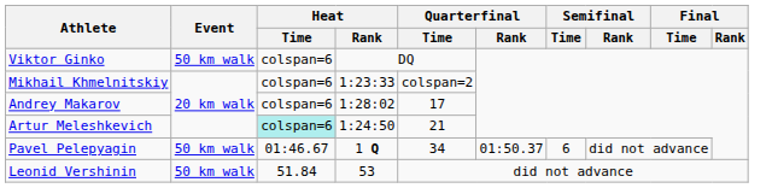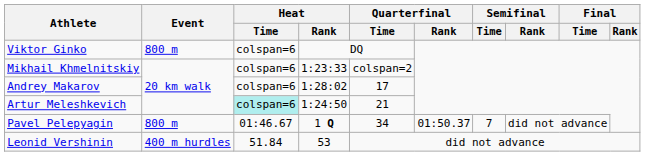 <table class=wikitable style="font-size:90%; text-align:center">
 <tr>
 <th rowspan=2>Athlete</th>
 <th rowspan=2>Event</th>
 <th colspan=2>Heat</th>
 <th colspan=2>Quarterfinal</th>
 <th colspan=2>Semifinal</th>
 <th colspan=2>Final</th>
 </tr>
 <tr style=font-size:95%>
 <th>Time</th>
 <th>Rank</th>
 <th>Time</th>
 <th>Rank</th>
 <th>Time</th>
 <th>Rank</th>
 <th>Time</th>
 <th>Rank</th>
 </tr>
 <tr>
 <td align=left><a href='#'>Viktor Ginko</a></td>
-<td align=left><a href='#'>50 km walk</a></td>
+<td align=left rowspan=1><a href='#'>800 m</a></td>
 <td>colspan=6 </td>
 <td colspan=2>DQ</td>
 </tr>
 <tr>
 <td align=left><a href='#'>Mikhail Khmelnitskiy</a></td>
 <td align=left rowspan=3><a href='#'>20 km walk</a></td>
 <td>colspan=6 </td>
 <td>1:23:33</td>
 <td>colspan=2</td>
 </tr>
 <tr>
 <td align=left><a href='#'>Andrey Makarov</a></td>
 <td>colspan=6 </td>
 <td>1:28:02</td>
 <td>17</td>
 </tr>
 <tr>
 <td align=left><a href='#'>Artur Meleshkevich</a></td>
 <td style="background: paleturquoise;">colspan=6 </td>
 <td>1:24:50</td>
 <td>21</td>
 </tr>
 <tr>
 <td align=left><a href='#'>Pavel Pelepyagin</a></td>
-<td align=left><a href='#'>50 km walk</a></td>
+<td align=left rowspan=1><a href='#'>800 m</a></td>
 <td>01:46.67</td>
 <td>1 <strong>Q</strong></td>
 <td>34</td>
 <td>01:50.37</td>
-<td>6</td>
+<td>7</td>
 <td colspan=2>did not advance</td>
 </tr>
 <tr>
 <td align=left><a href='#'>Leonid Vershinin</a></td>
-<td align=left><a href='#'>50 km walk</a></td>
+<td align=left rowspan=1><a href='#'>400 m hurdles</a></td>
 <td>51.84</td>
 <td>53</td>
 <td colspan=6>did not advance</td>
 </tr>
 </table>
